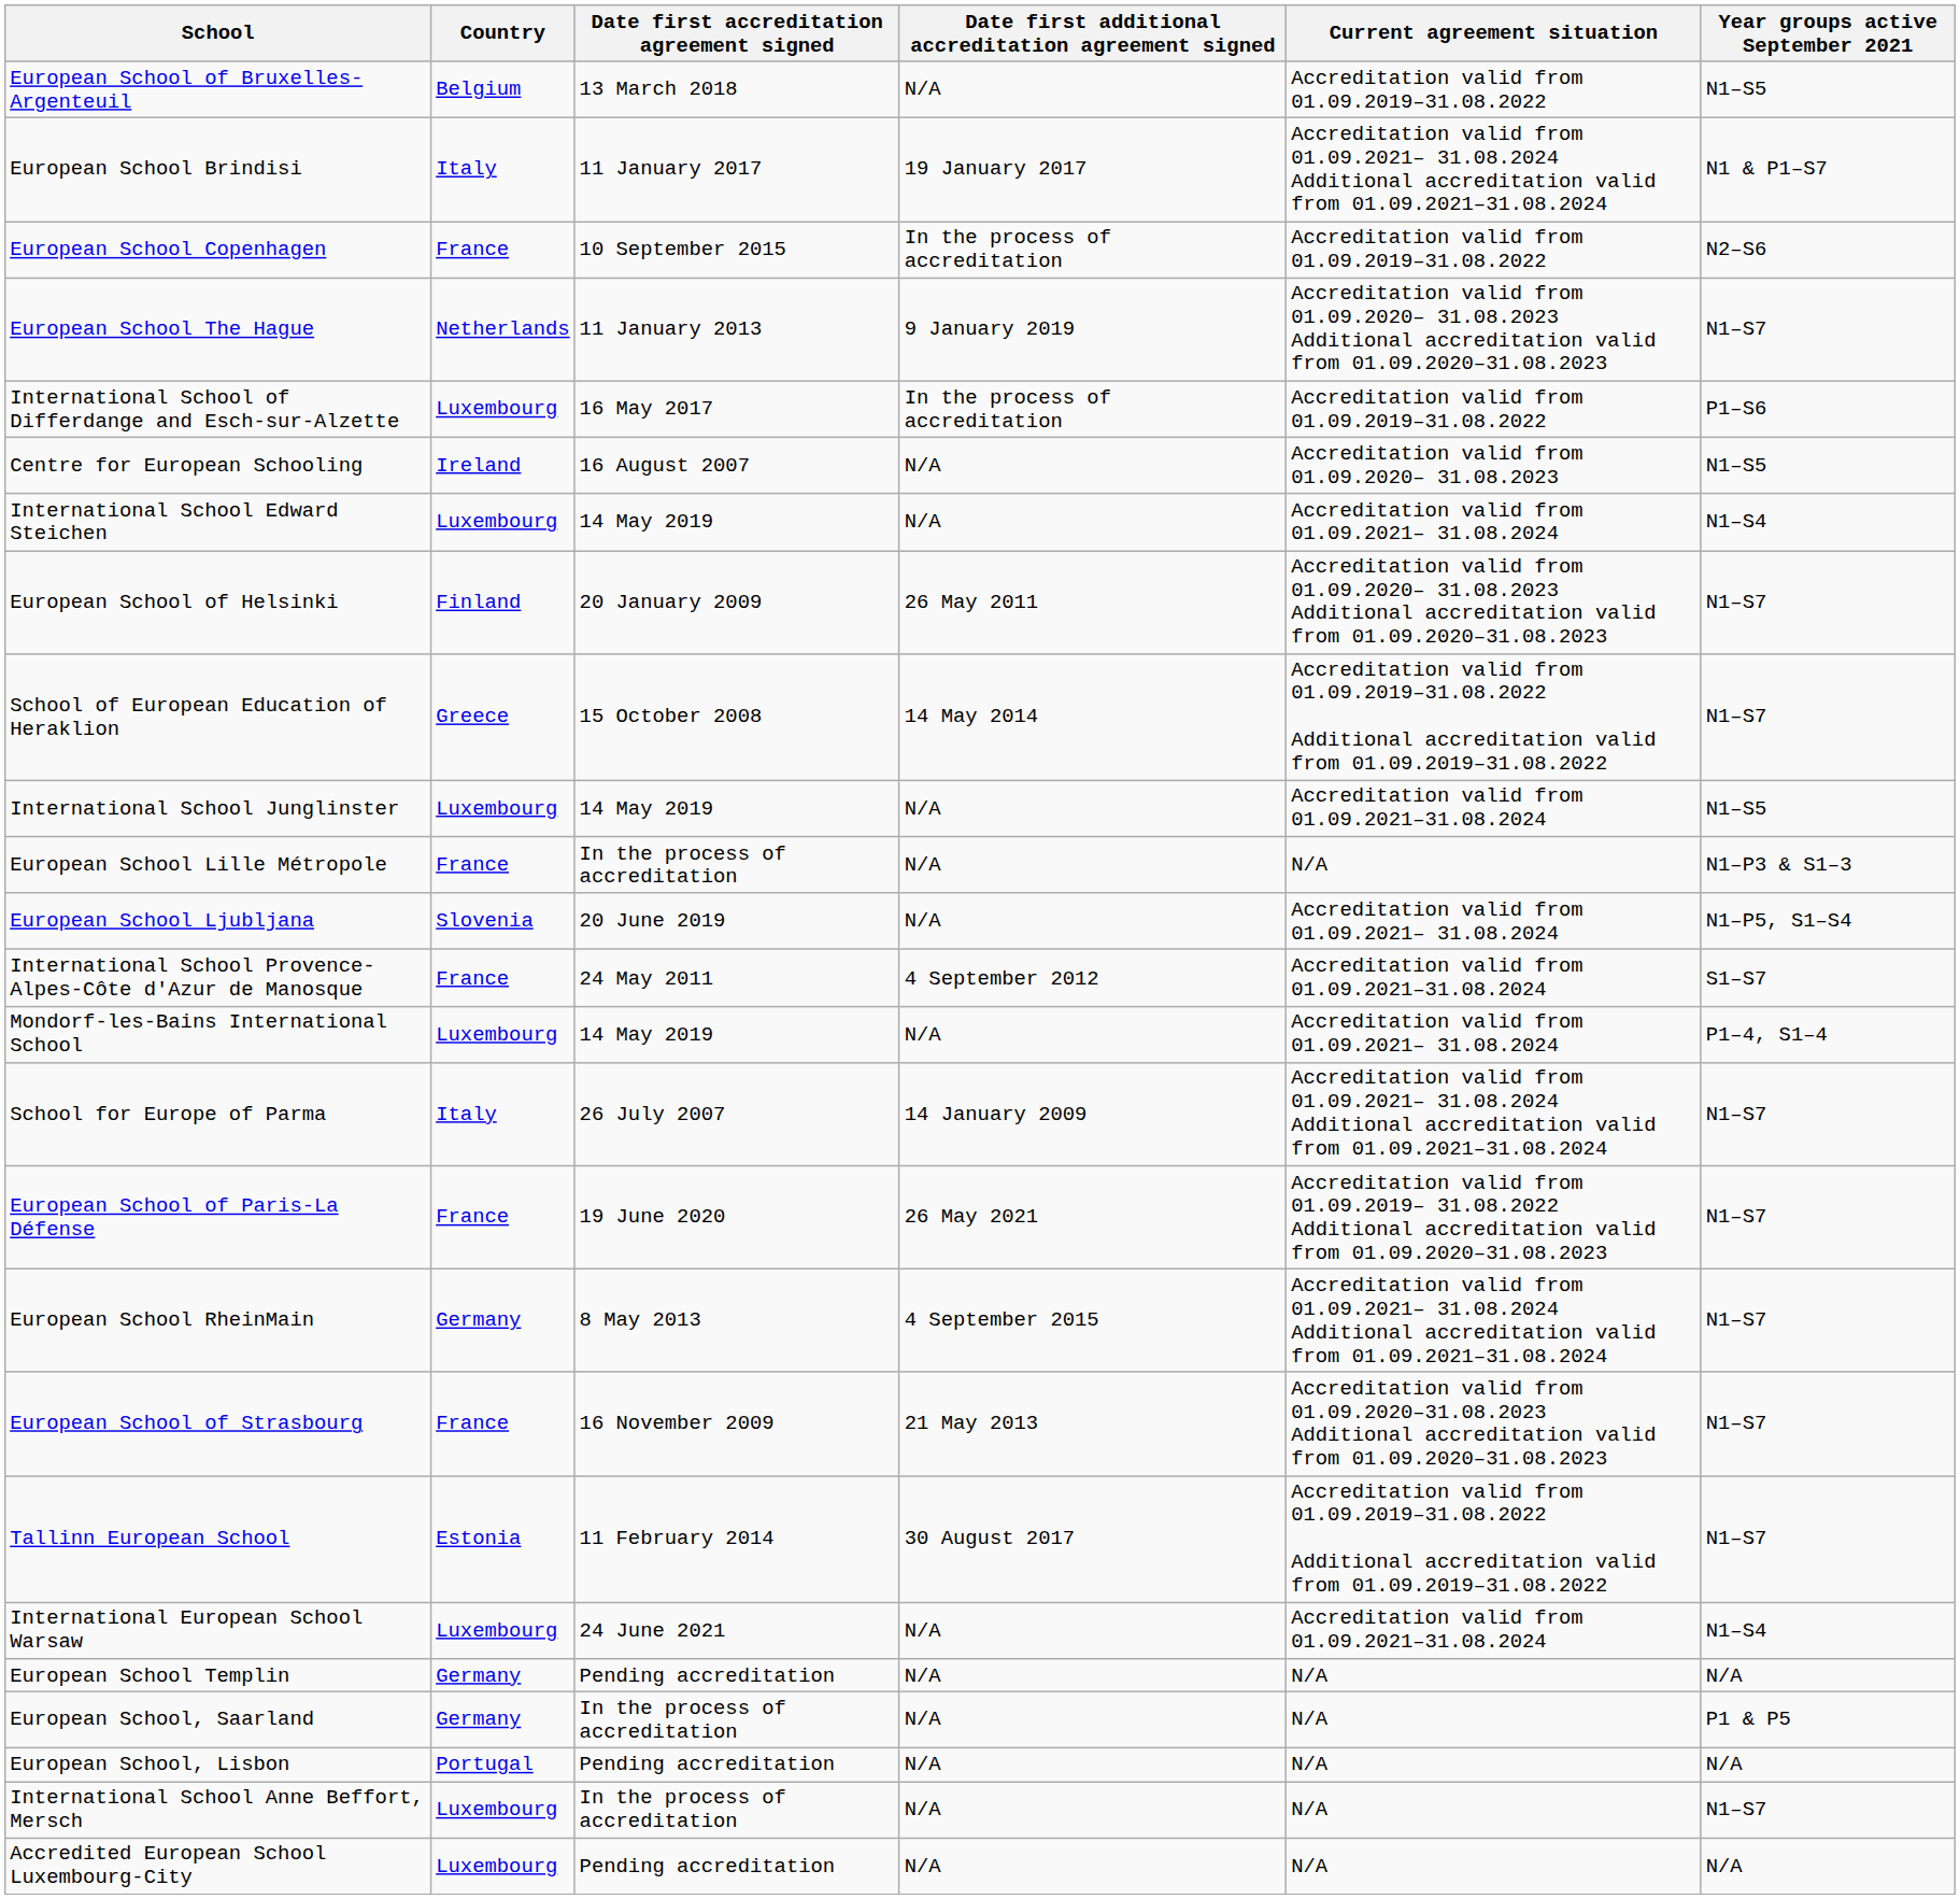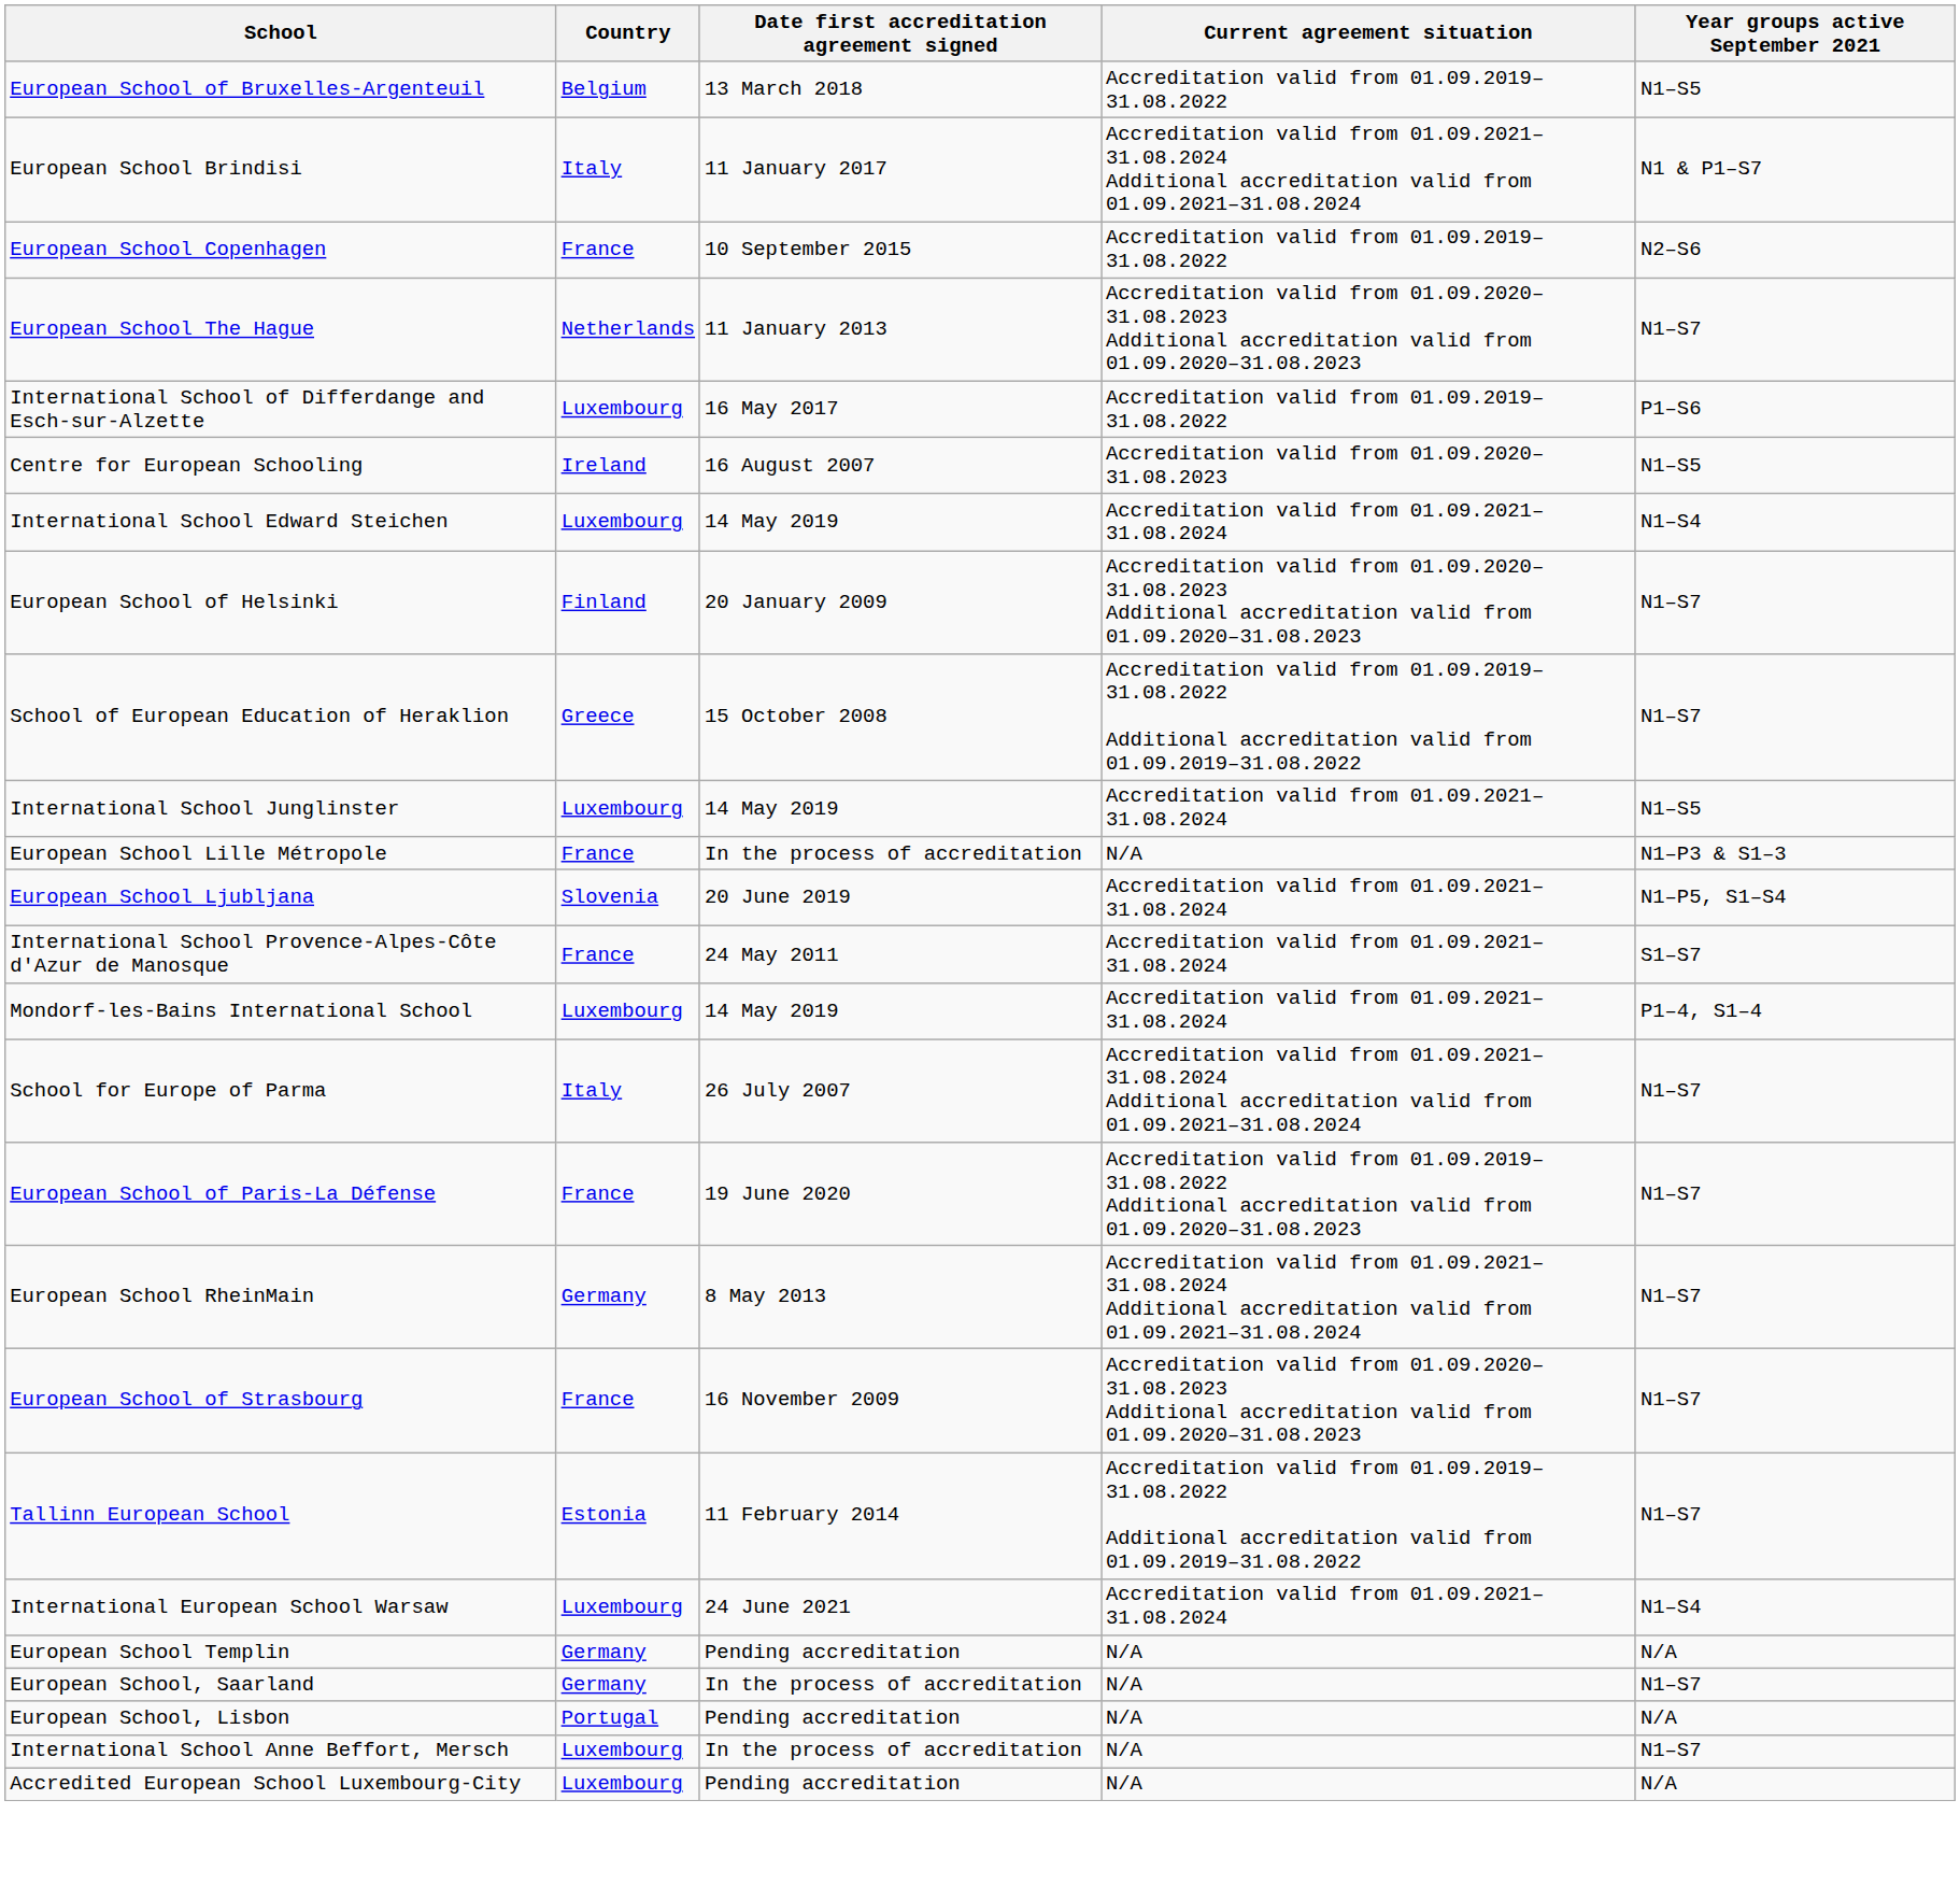 <table class="wikitable sortable">
 <tr>
 <th>School</th>
 <th>Country</th>
 <th>Date first accreditation agreement signed</th>
-<th>Date first additional accreditation agreement signed</th>
 <th>Current agreement situation</th>
 <th>Year groups active September 2021</th>
 </tr>
 <tr>
 <td><a href='#'>European School of Bruxelles-Argenteuil</a></td>
 <td><a href='#'>Belgium</a></td>
 <td>13 March 2018</td>
-<td>N/A</td>
 <td>Accreditation valid from 01.09.2019–31.08.2022</td>
 <td>⁠N1–S5</td>
 </tr>
 <tr>
 <td>European School Brindisi</td>
 <td><a href='#'>Italy</a></td>
 <td>11 January 2017</td>
-<td>19 January 2017</td>
 <td>Accreditation valid from 01.09.2021– 31.08.2024<br>Additional accreditation valid from 01.09.2021–31.08.2024</td>
 <td>N1 & P1–S7</td>
 </tr>
 <tr>
 <td><a href='#'>European School Copenhagen</a></td>
 <td><a href='#'>France</a></td>
 <td>10 September 2015</td>
-<td>In the process of accreditation</td>
 <td>Accreditation valid from 01.09.2019–31.08.2022</td>
 <td>N2–S6</td>
 </tr>
 <tr>
 <td><a href='#'>European School The Hague</a></td>
 <td><a href='#'>Netherlands</a></td>
 <td>11 January 2013</td>
-<td>9 January 2019</td>
 <td>Accreditation valid from 01.09.2020– 31.08.2023<br>Additional accreditation valid from 01.09.2020–31.08.2023</td>
 <td>N1–S7</td>
 </tr>
 <tr>
 <td>International School of Differdange and Esch-sur-Alzette</td>
 <td><a href='#'>Luxembourg</a></td>
 <td>16 May 2017</td>
-<td>In the process of accreditation</td>
 <td>Accreditation valid from 01.09.2019–31.08.2022</td>
 <td>P1–S6</td>
 </tr>
 <tr>
 <td>Centre for European Schooling</td>
 <td><a href='#'>Ireland</a></td>
 <td>16 August 2007</td>
-<td>N/A</td>
 <td>Accreditation valid from 01.09.2020– 31.08.2023</td>
 <td>N1–S5</td>
 </tr>
 <tr>
 <td>International School Edward Steichen</td>
 <td><a href='#'>Luxembourg</a></td>
 <td>14 May 2019</td>
-<td>N/A</td>
 <td>Accreditation valid from 01.09.2021– 31.08.2024</td>
 <td>N1–S4</td>
 </tr>
 <tr>
 <td>European School of Helsinki</td>
 <td><a href='#'>Finland</a></td>
 <td>20 January 2009</td>
-<td>26 May 2011</td>
 <td>Accreditation valid from 01.09.2020– 31.08.2023<br>Additional accreditation valid from 01.09.2020–31.08.2023</td>
 <td>N1–S7</td>
 </tr>
 <tr>
 <td>School of European Education of Heraklion</td>
 <td><a href='#'>Greece</a></td>
 <td>15 October 2008</td>
-<td>14 May 2014</td>
 <td>Accreditation valid from 01.09.2019–31.08.2022<br><br>Additional accreditation valid from 01.09.2019–31.08.2022</td>
 <td>N1–S7</td>
 </tr>
 <tr>
 <td>International School Junglinster</td>
 <td><a href='#'>Luxembourg</a></td>
 <td>14 May 2019</td>
-<td>N/A</td>
 <td>Accreditation valid from 01.09.2021–31.08.2024</td>
 <td>N1–S5</td>
 </tr>
 <tr>
 <td>European School Lille Métropole</td>
 <td><a href='#'>France</a></td>
 <td>In the process of accreditation</td>
 <td>N/A</td>
-<td>N/A</td>
 <td>N1–P3 & S1–3</td>
 </tr>
 <tr>
 <td><a href='#'>European School Ljubljana</a></td>
 <td><a href='#'>Slovenia</a></td>
 <td>20 June 2019</td>
-<td>N/A</td>
 <td>Accreditation valid from 01.09.2021– 31.08.2024</td>
 <td>N1–P5, S1–S4</td>
 </tr>
 <tr>
 <td>International School Provence-Alpes-Côte d'Azur de Manosque</td>
 <td><a href='#'>France</a></td>
 <td>24 May 2011</td>
-<td>4 September 2012</td>
 <td>Accreditation valid from 01.09.2021–31.08.2024</td>
 <td>S1–S7</td>
 </tr>
 <tr>
 <td>Mondorf-les-Bains International School</td>
 <td><a href='#'>Luxembourg</a></td>
 <td>14 May 2019</td>
-<td>N/A</td>
 <td>Accreditation valid from 01.09.2021– 31.08.2024</td>
 <td>P1–4, S1–4</td>
 </tr>
 <tr>
 <td>School for Europe of Parma</td>
 <td><a href='#'>Italy</a></td>
 <td>26 July 2007</td>
-<td>14 January 2009</td>
 <td>Accreditation valid from 01.09.2021– 31.08.2024<br>Additional accreditation valid from 01.09.2021–31.08.2024</td>
 <td>N1–S7</td>
 </tr>
 <tr>
 <td><a href='#'>European School of Paris-La Défense</a></td>
 <td><a href='#'>France</a></td>
 <td>19 June 2020</td>
-<td>26 May 2021</td>
 <td>Accreditation valid from 01.09.2019– 31.08.2022<br>Additional accreditation valid from 01.09.2020–31.08.2023</td>
 <td>N1–S7</td>
 </tr>
 <tr>
 <td>European School RheinMain</td>
 <td><a href='#'>Germany</a></td>
 <td>8 May 2013</td>
-<td>4 September 2015</td>
 <td>Accreditation valid from 01.09.2021– 31.08.2024<br>Additional accreditation valid from 01.09.2021–31.08.2024</td>
 <td>N1–S7</td>
 </tr>
 <tr>
 <td><a href='#'>European School of Strasbourg</a></td>
 <td><a href='#'>France</a></td>
 <td>16 November 2009</td>
-<td>21 May 2013</td>
 <td>Accreditation valid from 01.09.2020–31.08.2023<br>Additional accreditation valid from 01.09.2020–31.08.2023</td>
 <td>N1–S7</td>
 </tr>
 <tr>
 <td><a href='#'>Tallinn European School</a></td>
 <td><a href='#'>Estonia</a></td>
 <td>11 February 2014</td>
-<td>30 August 2017</td>
 <td>Accreditation valid from 01.09.2019–31.08.2022<br><br>Additional accreditation valid from 01.09.2019–31.08.2022</td>
 <td>N1–S7</td>
 </tr>
 <tr>
 <td>International European School Warsaw</td>
 <td><a href='#'>Luxembourg</a></td>
 <td>24 June 2021</td>
-<td>N/A</td>
 <td>Accreditation valid from 01.09.2021–31.08.2024</td>
 <td>N1–S4</td>
 </tr>
 <tr>
 <td>European School Templin</td>
 <td><a href='#'>Germany</a></td>
 <td>Pending accreditation</td>
 <td>N/A</td>
 <td>N/A</td>
-<td>N/A</td>
 </tr>
 <tr>
 <td>European School, Saarland</td>
 <td><a href='#'>Germany</a></td>
 <td>In the process of accreditation</td>
 <td>N/A</td>
-<td>N/A</td>
-<td>P1 & P5</td>
+<td>N1–S7</td>
 </tr>
 <tr>
 <td>European School, Lisbon</td>
 <td><a href='#'>Portugal</a></td>
 <td>Pending accreditation</td>
 <td>N/A</td>
 <td>N/A</td>
-<td>N/A</td>
 </tr>
 <tr>
 <td>International School Anne Beffort, Mersch</td>
 <td><a href='#'>Luxembourg</a></td>
 <td>In the process of accreditation</td>
-<td>N/A</td>
 <td>N/A</td>
 <td>N1–S7</td>
 </tr>
 <tr>
 <td>Accredited European School Luxembourg-City</td>
 <td><a href='#'>Luxembourg</a></td>
 <td>Pending accreditation</td>
 <td>N/A</td>
 <td>N/A</td>
-<td>N/A</td>
 </tr>
 </table>
